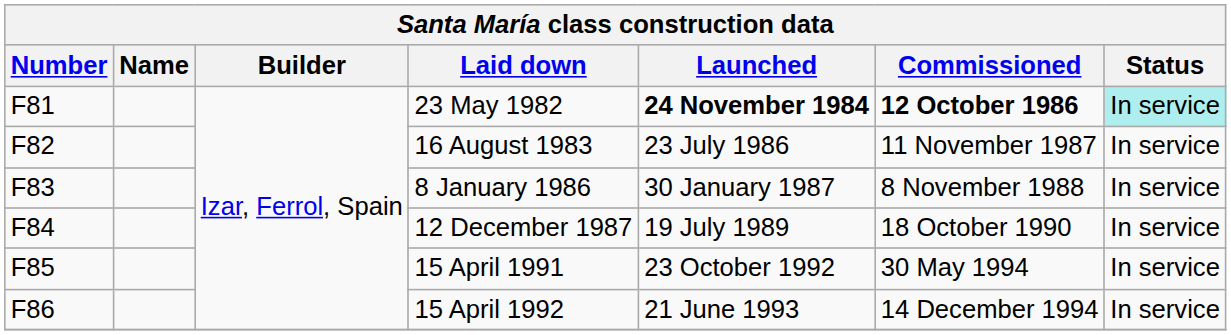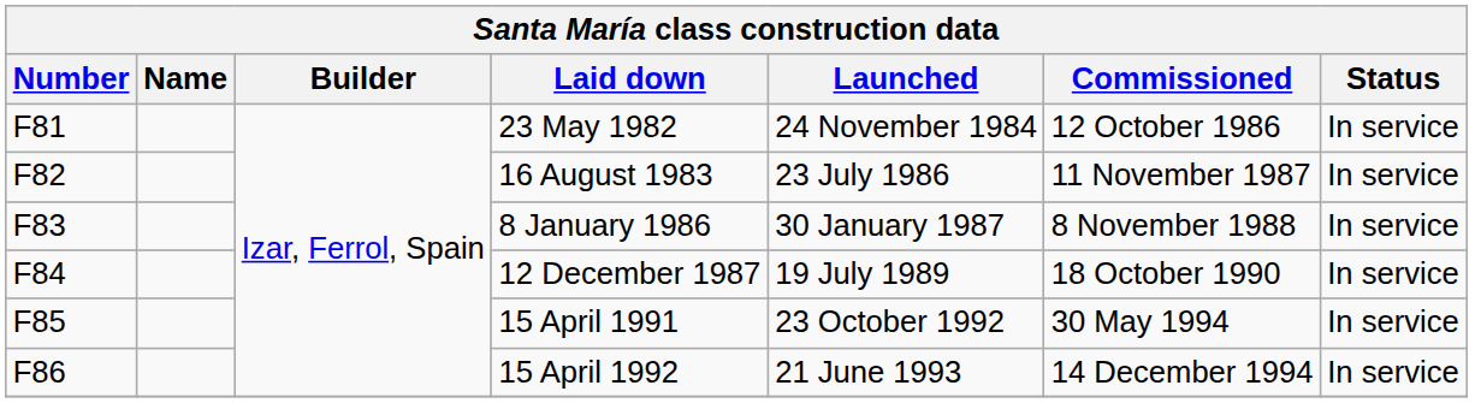 <table class="wikitable">
 <tr>
 <th colspan="7"><em>Santa María</em> class construction data</th>
 </tr>
 <tr>
 <th scope="col"><a href='#'>Number</a></th>
 <th scope="col">Name</th>
 <th scope="col">Builder</th>
 <th scope="col"><a href='#'>Laid down</a></th>
 <th scope="col"><a href='#'>Launched</a></th>
 <th scope="col"><a href='#'>Commissioned</a></th>
 <th scope="col">Status</th>
 </tr>
 <tr>
 <td scope="row">F81</td>
 <td></td>
 <td rowspan="6"><a href='#'>Izar</a>, <a href='#'>Ferrol</a>, Spain</td>
 <td>23 May 1982</td>
-<td><strong>24 November 1984</strong></td>
-<td><strong>12 October 1986</strong></td>
-<td style="background: paleturquoise;">In service</td>
+<td>24 November 1984</td>
+<td>12 October 1986</td>
+<td>In service</td>
 </tr>
 <tr>
 <td scope="row">F82</td>
 <td></td>
 <td>16 August 1983</td>
 <td>23 July 1986</td>
 <td>11 November 1987</td>
 <td>In service</td>
 </tr>
 <tr>
 <td scope="row">F83</td>
 <td></td>
 <td>8 January 1986</td>
 <td>30 January 1987</td>
 <td>8 November 1988</td>
 <td>In service</td>
 </tr>
 <tr>
 <td scope="row">F84</td>
 <td></td>
 <td>12 December 1987</td>
 <td>19 July 1989</td>
 <td>18 October 1990</td>
 <td>In service</td>
 </tr>
 <tr>
 <td scope="row">F85</td>
 <td></td>
 <td>15 April 1991</td>
 <td>23 October 1992</td>
 <td>30 May 1994</td>
 <td>In service</td>
 </tr>
 <tr>
 <td scope="row">F86</td>
 <td></td>
 <td>15 April 1992</td>
 <td>21 June 1993</td>
 <td>14 December 1994</td>
 <td>In service</td>
 </tr>
 <tr>
 </tr>
 </table>
